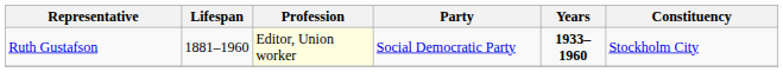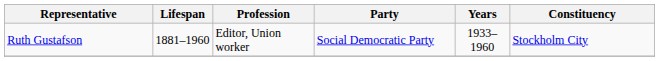 <table class="wikitable">
 <tr>
 <th style="width:15em">Representative</th>
 <th style="width:5em">Lifespan</th>
 <th style="width:10em">Profession</th>
 <th style="width:15em">Party</th>
 <th style="width:5em">Years</th>
 <th style="width:15em">Constituency</th>
 </tr>
 <tr>
 <td><a href='#'>Ruth Gustafson</a></td>
 <td align=center>1881–1960</td>
-<td style="background: lightyellow;">Editor, Union worker</td>
+<td>Editor, Union worker</td>
 <td> <a href='#'>Social Democratic Party</a></td>
-<td align=center><strong>1933–1960</strong></td>
+<td align=center>1933–1960</td>
 <td><a href='#'>Stockholm City</a></td>
 </tr>
 <tr>
 </tr>
 </table>
